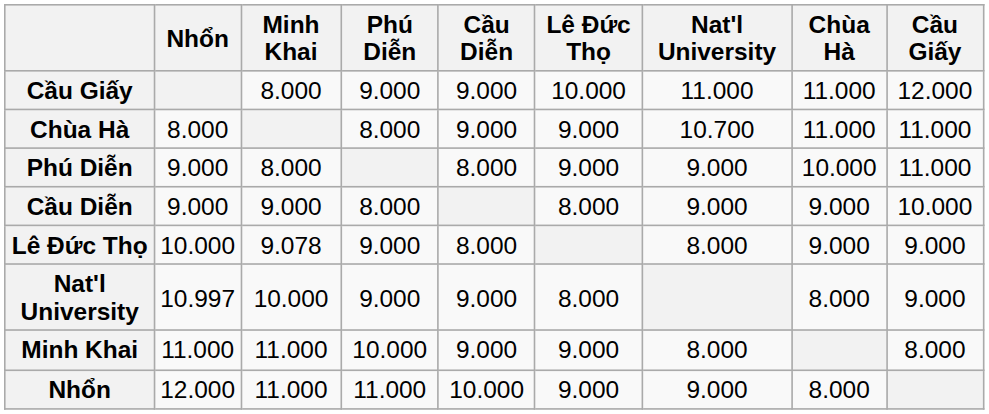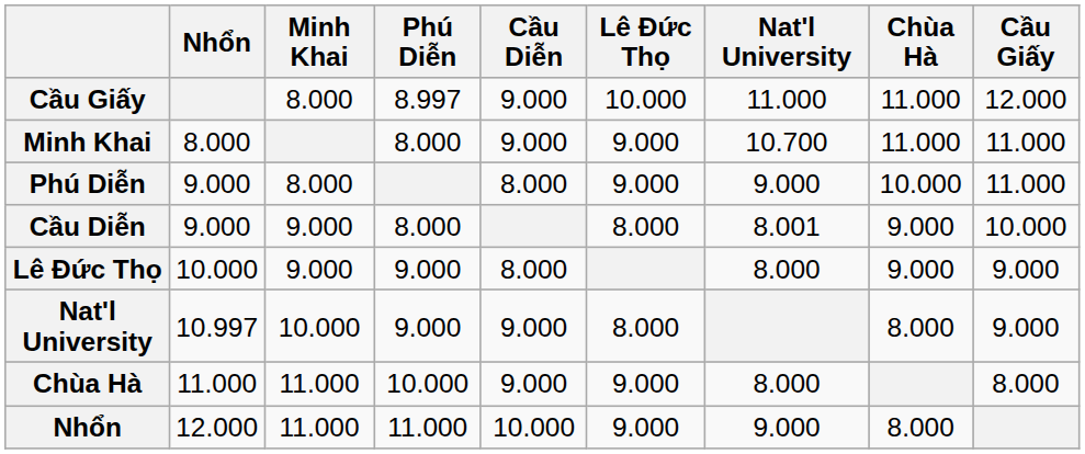 <table class="wikitable" style="font-size: 95%; text-align: center;">
 <tr>
 <th></th>
 <th>Nhổn</th>
 <th>Minh Khai</th>
 <th>Phú Diễn</th>
 <th>Cầu Diễn</th>
 <th>Lê Đức Thọ</th>
 <th>Nat'l University</th>
 <th>Chùa Hà</th>
 <th>Cầu Giấy</th>
 </tr>
 <tr>
 <th>Cầu Giấy</th>
 <th></th>
 <td>8.000</td>
-<td>9.000</td>
+<td>8.997</td>
 <td>9.000</td>
 <td>10.000</td>
 <td>11.000</td>
 <td>11.000</td>
 <td>12.000</td>
 </tr>
 <tr>
-<th>Chùa Hà</th>
+<th>Minh Khai</th>
 <td>8.000</td>
 <th></th>
 <td>8.000</td>
 <td>9.000</td>
 <td>9.000</td>
 <td>10.700</td>
 <td>11.000</td>
 <td>11.000</td>
 </tr>
 <tr>
 <th>Phú Diễn</th>
 <td>9.000</td>
 <td>8.000</td>
 <th></th>
 <td>8.000</td>
 <td>9.000</td>
 <td>9.000</td>
 <td>10.000</td>
 <td>11.000</td>
 </tr>
 <tr>
 <th>Cầu Diễn</th>
 <td>9.000</td>
 <td>9.000</td>
 <td>8.000</td>
 <th></th>
 <td>8.000</td>
-<td>9.000</td>
+<td>8.001</td>
 <td>9.000</td>
 <td>10.000</td>
 </tr>
 <tr>
 <th>Lê Đức Thọ</th>
 <td>10.000</td>
-<td>9.078</td>
+<td>9.000</td>
 <td>9.000</td>
 <td>8.000</td>
 <th></th>
 <td>8.000</td>
 <td>9.000</td>
 <td>9.000</td>
 </tr>
 <tr>
 <th>Nat'l University</th>
 <td>10.997</td>
 <td>10.000</td>
 <td>9.000</td>
 <td>9.000</td>
 <td>8.000</td>
 <th></th>
 <td>8.000</td>
 <td>9.000</td>
 </tr>
 <tr>
-<th>Minh Khai</th>
+<th>Chùa Hà</th>
 <td>11.000</td>
 <td>11.000</td>
 <td>10.000</td>
 <td>9.000</td>
 <td>9.000</td>
 <td>8.000</td>
 <th></th>
 <td>8.000</td>
 </tr>
 <tr>
 <th>Nhổn</th>
 <td>12.000</td>
 <td>11.000</td>
 <td>11.000</td>
 <td>10.000</td>
 <td>9.000</td>
 <td>9.000</td>
 <td>8.000</td>
 <th></th>
 </tr>
 </table>
